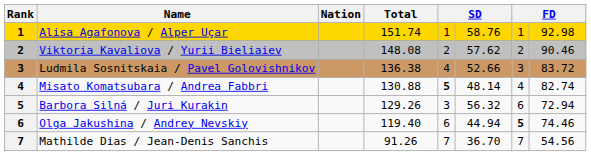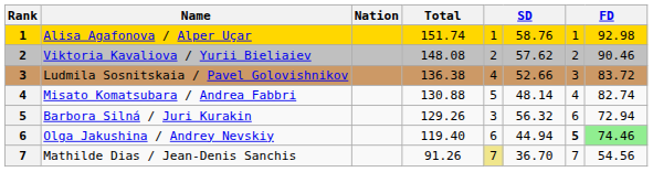 <table class="wikitable sortable">
 <tr>
 <th>Rank</th>
 <th>Name</th>
 <th>Nation</th>
 <th width="80px">Total</th>
 <th colspan="2" width="80px"><a href='#'>SD</a></th>
 <th colspan="2" width="80px"><a href='#'>FD</a></th>
 </tr>
 <tr bgcolor="gold">
 <td align="center"><strong>1</strong></td>
 <td><a href='#'>Alisa Agafonova</a> / <a href='#'>Alper Uçar</a></td>
 <td></td>
 <td align="center">151.74</td>
 <td align="center">1</td>
 <td align="center">58.76</td>
 <td align="center">1</td>
 <td align="center">92.98</td>
 </tr>
 <tr bgcolor="silver">
 <td align="center"><strong>2</strong></td>
 <td><a href='#'>Viktoria Kavaliova</a> / <a href='#'>Yurii Bieliaiev</a></td>
 <td></td>
 <td align="center">148.08</td>
 <td align="center">2</td>
 <td align="center">57.62</td>
 <td align="center">2</td>
 <td align="center">90.46</td>
 </tr>
 <tr bgcolor="cc9966">
 <td align="center"><strong>3</strong></td>
 <td>Ludmila Sosnitskaia / <a href='#'>Pavel Golovishnikov</a></td>
 <td></td>
 <td align="center">136.38</td>
 <td align="center">4</td>
 <td align="center">52.66</td>
 <td align="center">3</td>
 <td align="center">83.72</td>
 </tr>
 <tr>
 <th>4</th>
 <td><a href='#'>Misato Komatsubara</a> / <a href='#'>Andrea Fabbri</a></td>
 <td></td>
 <td align="center">130.88</td>
-<td align="center"><strong>5</strong></td>
+<td align="center">5</td>
 <td align="center">48.14</td>
 <td align="center">4</td>
 <td align="center">82.74</td>
 </tr>
 <tr>
 <th>5</th>
 <td><a href='#'>Barbora Silná</a> / <a href='#'>Juri Kurakin</a></td>
 <td></td>
 <td align="center">129.26</td>
 <td align="center">3</td>
 <td align="center">56.32</td>
 <td align="center">6</td>
 <td align="center">72.94</td>
 </tr>
 <tr>
 <th>6</th>
 <td><a href='#'>Olga Jakushina</a> / <a href='#'>Andrey Nevskiy</a></td>
 <td></td>
 <td align="center">119.40</td>
 <td align="center">6</td>
 <td align="center">44.94</td>
 <td align="center"><strong>5</strong></td>
-<td align="center">74.46</td>
+<td align="center" style="background: lightgreen;">74.46</td>
 </tr>
 <tr>
 <th>7</th>
 <td>Mathilde Dias / Jean-Denis Sanchis</td>
 <td></td>
 <td align="center">91.26</td>
-<td align="center">7</td>
+<td align="center" style="background: khaki;">7</td>
 <td align="center">36.70</td>
 <td align="center">7</td>
 <td align="center">54.56</td>
 </tr>
 </table>
